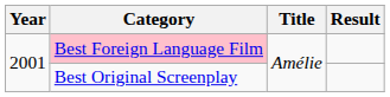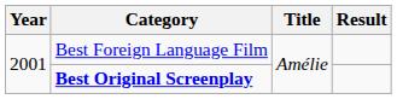 <table class="wikitable">
 <tr>
 <th>Year</th>
 <th>Category</th>
 <th>Title</th>
 <th>Result</th>
 </tr>
 <tr>
 <td rowspan=2>2001</td>
-<td style="background: pink;"><a href='#'>Best Foreign Language Film</a></td>
+<td><a href='#'>Best Foreign Language Film</a></td>
 <td rowspan=2><em>Amélie</em></td>
 <td></td>
 </tr>
 <tr>
-<td><a href='#'>Best Original Screenplay</a></td>
+<td><strong><a href='#'>Best Original Screenplay</a></strong></td>
 <td></td>
 </tr>
 </table>
